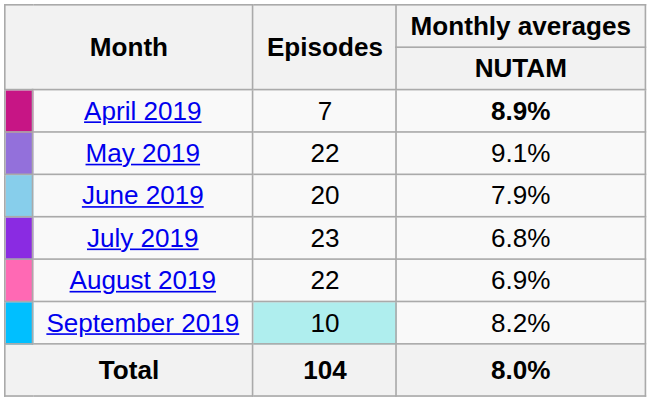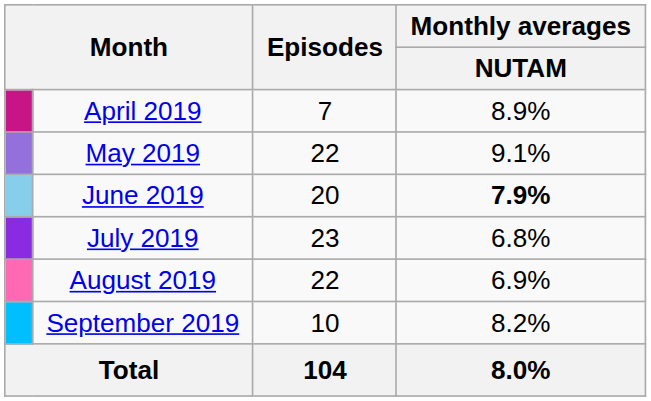 <table class="wikitable plainrowheaders" style="text-align: center; line-height:25px;">
 <tr class="wikitable" style="text-align: center;">
 <th colspan="2" rowspan="2" style="padding: 0 8px;">Month</th>
 <th rowspan="2" style="padding: 0 8px;">Episodes</th>
 <th colspan="2" style="padding: 0 8px;">Monthly averages</th>
 </tr>
 <tr>
 <th style="padding: 0 8px;">NUTAM</th>
 </tr>
 <tr>
 <td style="padding: 0 8px; background:#C71585;"></td>
 <td style="padding: 0 8px;" '><a href='#'>April 2019</a></td>
 <td style="padding: 0 8px;">7</td>
-<td style="padding: 0 8px;"><strong>8.9%</strong></td>
+<td style="padding: 0 8px;">8.9%</td>
 </tr>
 <tr>
 <td style="padding: 0 8px; background:#9370DB;"></td>
 <td style="padding: 0 8px;" '><a href='#'>May 2019</a></td>
 <td style="padding: 0 8px;">22</td>
 <td style="padding: 0 8px;">9.1%</td>
 </tr>
 <tr>
 <td style="padding: 0 8px; background:#87CEEB;"></td>
 <td style="padding: 0 8px;" '><a href='#'>June 2019</a></td>
 <td style="padding: 0 8px;">20</td>
-<td style="padding: 0 8px;">7.9%</td>
+<td style="padding: 0 8px;"><strong>7.9%</strong></td>
 </tr>
 <tr>
 <td style="padding: 0 8px; background:#8A2BE2;"></td>
 <td style="padding: 0 8px;" '><a href='#'>July 2019</a></td>
 <td style="padding: 0 8px;">23</td>
 <td style="padding: 0 8px;">6.8%</td>
 </tr>
 <tr>
 <td style="padding: 0 8px; background:#FF69B4;"></td>
 <td style="padding: 0 8px;" '><a href='#'>August 2019</a></td>
 <td style="padding: 0 8px;">22</td>
 <td style="padding: 0 8px;">6.9%</td>
 </tr>
 <tr>
 <td style="padding: 0 8px; background:#00BFFF;"></td>
 <td style="padding: 0 8px;" '><a href='#'>September 2019</a></td>
-<td style="background: paleturquoise; padding: 0 8px;">10</td>
+<td style="padding: 0 8px;">10</td>
 <td style="padding: 0 8px;">8.2%</td>
 </tr>
 <tr>
 <th colspan="2">Total</th>
 <th colspan="1">104</th>
 <th colspan="2">8.0%</th>
 </tr>
 </table>
